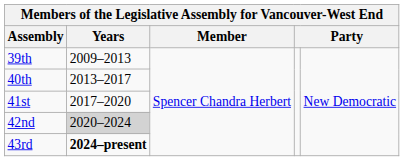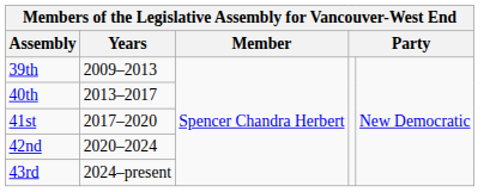 <table class="wikitable">
 <tr>
 <th colspan="5">Members of the Legislative Assembly for Vancouver-West End</th>
 </tr>
 <tr>
 <th>Assembly</th>
 <th>Years</th>
 <th>Member</th>
 <th colspan="2">Party</th>
 </tr>
 <tr>
 <td><a href='#'>39th</a></td>
 <td>2009–2013</td>
 <td rowspan="5"><a href='#'>Spencer Chandra Herbert</a></td>
 <td rowspan=5 ></td>
 <td rowspan=5><a href='#'>New Democratic</a></td>
 </tr>
 <tr>
 <td><a href='#'>40th</a></td>
 <td>2013–2017</td>
 </tr>
 <tr>
 <td><a href='#'>41st</a></td>
 <td>2017–2020</td>
 </tr>
 <tr>
 <td><a href='#'>42nd</a></td>
-<td style="background: lightgrey;">2020–2024</td>
+<td>2020–2024</td>
 </tr>
 <tr>
 <td><a href='#'>43rd</a></td>
-<td><strong>2024–present</strong></td>
+<td>2024–present</td>
 </tr>
 </table>
